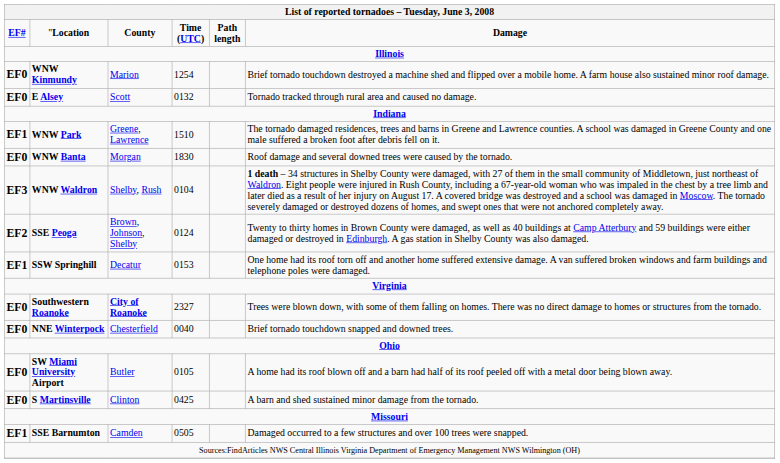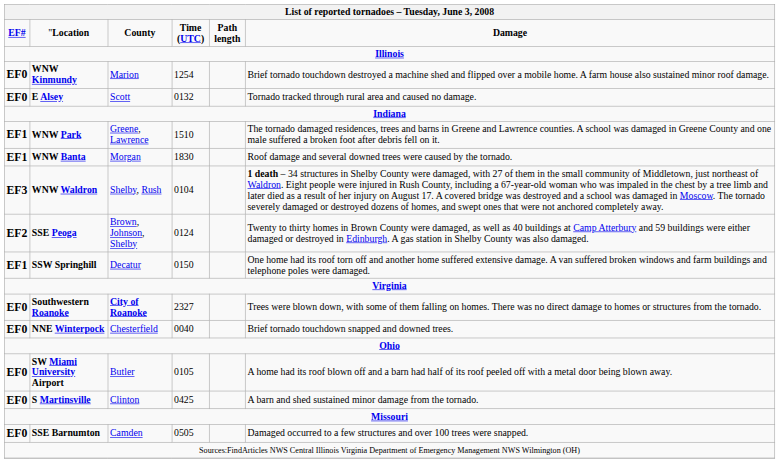 <table class="wikitable collapsible" width="100%">
 <tr>
 <th colspan="7">List of reported tornadoes – Tuesday, June 3, 2008</th>
 </tr>
 <tr>
 <td style="text-align:center;"><strong><a href='#'>EF#</a></strong></td>
 <td style="text-align:center;">"<strong>Location</strong></td>
 <td style="text-align:center;"><strong>County</strong></td>
 <td style="text-align:center;"><strong>Time (<a href='#'>UTC</a>)</strong></td>
 <td style="text-align:center;"><strong>Path length</strong></td>
 <td style="text-align:center;"><strong>Damage</strong></td>
 </tr>
 <tr>
 <td colspan="7" align=center><strong><a href='#'>Illinois</a></strong></td>
 </tr>
 <tr>
 <td><big><strong>EF0</strong></big></td>
 <td><strong>WNW <a href='#'>Kinmundy</a></strong></td>
 <td><a href='#'>Marion</a></td>
 <td>1254</td>
 <td></td>
 <td>Brief tornado touchdown destroyed a machine shed and flipped over a mobile home. A farm house also sustained minor roof damage.</td>
 </tr>
 <tr>
 <td><big><strong>EF0</strong></big></td>
 <td><strong>E <a href='#'>Alsey</a></strong></td>
 <td><a href='#'>Scott</a></td>
 <td>0132</td>
 <td></td>
 <td>Tornado tracked through rural area and caused no damage.</td>
 </tr>
 <tr>
 <td colspan="7" align=center><strong><a href='#'>Indiana</a></strong></td>
 </tr>
 <tr>
 <td><big><strong>EF1</strong></big></td>
 <td><strong>WNW <a href='#'>Park</a></strong></td>
 <td><a href='#'>Greene</a>, <a href='#'>Lawrence</a></td>
 <td>1510</td>
 <td></td>
 <td>The tornado damaged residences, trees and barns in Greene and Lawrence counties. A school was damaged in Greene County and one male suffered a broken foot after debris fell on it.</td>
 </tr>
 <tr>
-<td><big><strong>EF0</strong></big></td>
+<td><big><strong>EF1</strong></big></td>
 <td><strong>WNW <a href='#'>Banta</a></strong></td>
 <td><a href='#'>Morgan</a></td>
 <td>1830</td>
 <td></td>
 <td>Roof damage and several downed trees were caused by the tornado.</td>
 </tr>
 <tr>
 <td><big><strong>EF3</strong></big></td>
 <td><strong>WNW <a href='#'>Waldron</a></strong></td>
 <td><a href='#'>Shelby</a>, <a href='#'>Rush</a></td>
 <td>0104</td>
 <td></td>
 <td><strong>1 death</strong> – 34 structures in Shelby County were damaged, with 27 of them in the small community of Middletown, just northeast of <a href='#'>Waldron</a>. Eight people were injured in Rush County, including a 67-year-old woman who was impaled in the chest by a tree limb and later died as a result of her injury on August 17. A covered bridge was destroyed and a school was damaged in <a href='#'>Moscow</a>. The tornado severely damaged or destroyed dozens of homes, and swept ones that were not anchored completely away.</td>
 </tr>
 <tr>
 <td><big><strong>EF2</strong></big></td>
 <td><strong>SSE <a href='#'>Peoga</a></strong></td>
 <td><a href='#'>Brown</a>, <a href='#'>Johnson</a>, <a href='#'>Shelby</a></td>
 <td>0124</td>
 <td></td>
 <td>Twenty to thirty homes in Brown County were damaged, as well as 40 buildings at <a href='#'>Camp Atterbury</a> and 59 buildings were either damaged or destroyed in <a href='#'>Edinburgh</a>. A gas station in Shelby County was also damaged.</td>
 </tr>
 <tr>
 <td><big><strong>EF1</strong></big></td>
 <td><strong>SSW Springhill</strong></td>
 <td><a href='#'>Decatur</a></td>
-<td>0153</td>
+<td>0150</td>
 <td></td>
 <td>One home had its roof torn off and another home suffered extensive damage. A van suffered broken windows and farm buildings and telephone poles were damaged.</td>
 </tr>
 <tr>
 <td colspan="7" align=center><strong><a href='#'>Virginia</a></strong></td>
 </tr>
 <tr>
 <td><big><strong>EF0</strong></big></td>
 <td><strong>Southwestern <a href='#'>Roanoke</a></strong></td>
 <td><strong><a href='#'>City of Roanoke</a></strong></td>
 <td>2327</td>
 <td></td>
 <td>Trees were blown down, with some of them falling on homes. There was no direct damage to homes or structures from the tornado.</td>
 </tr>
 <tr>
 <td><big><strong>EF0</strong></big></td>
 <td><strong>NNE <a href='#'>Winterpock</a></strong></td>
 <td><a href='#'>Chesterfield</a></td>
 <td>0040</td>
 <td></td>
 <td>Brief tornado touchdown snapped and downed trees.</td>
 </tr>
 <tr>
 <td colspan="7" align=center><strong><a href='#'>Ohio</a></strong></td>
 </tr>
 <tr>
 <td><big><strong>EF0</strong></big></td>
 <td><strong>SW <a href='#'>Miami University</a> Airport</strong></td>
 <td><a href='#'>Butler</a></td>
 <td>0105</td>
 <td></td>
 <td>A home had its roof blown off and a barn had half of its roof peeled off with a metal door being blown away.</td>
 </tr>
 <tr>
 <td><big><strong>EF0</strong></big></td>
 <td><strong>S <a href='#'>Martinsville</a></strong></td>
 <td><a href='#'>Clinton</a></td>
 <td>0425</td>
 <td></td>
 <td>A barn and shed sustained minor damage from the tornado.</td>
 </tr>
 <tr>
 <td colspan="7" align=center><strong><a href='#'>Missouri</a></strong></td>
 </tr>
 <tr>
-<td><big><strong>EF1</strong></big></td>
+<td><big><strong>EF0</strong></big></td>
 <td><strong>SSE Barnumton</strong></td>
 <td><a href='#'>Camden</a></td>
 <td>0505</td>
 <td></td>
 <td>Damaged occurred to a few structures and over 100 trees were snapped.</td>
 </tr>
 <tr>
 <td colspan="7" align=center><small>Sources:FindArticles NWS Central Illinois Virginia Department of Emergency Management NWS Wilmington (OH)</small></td>
 </tr>
 <tr>
 </tr>
 </table>
